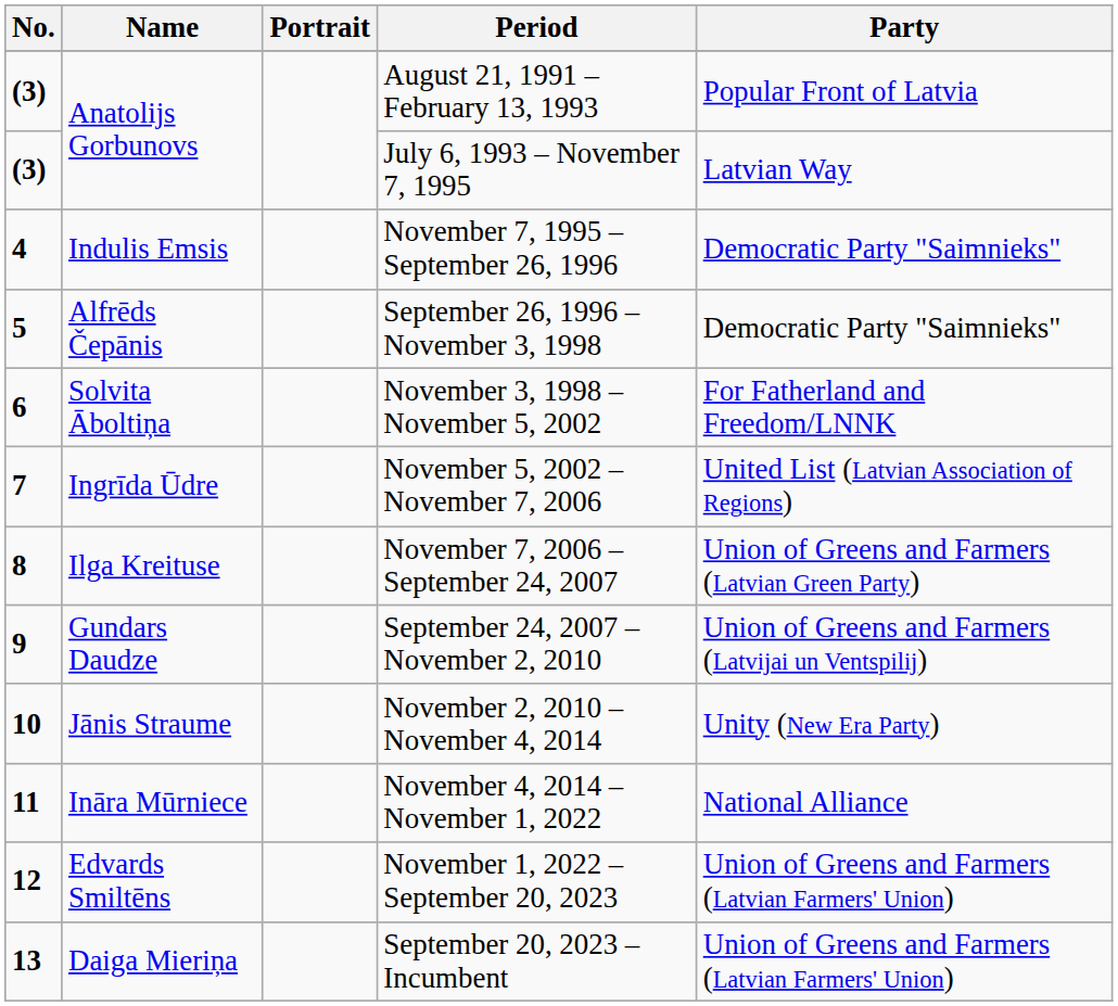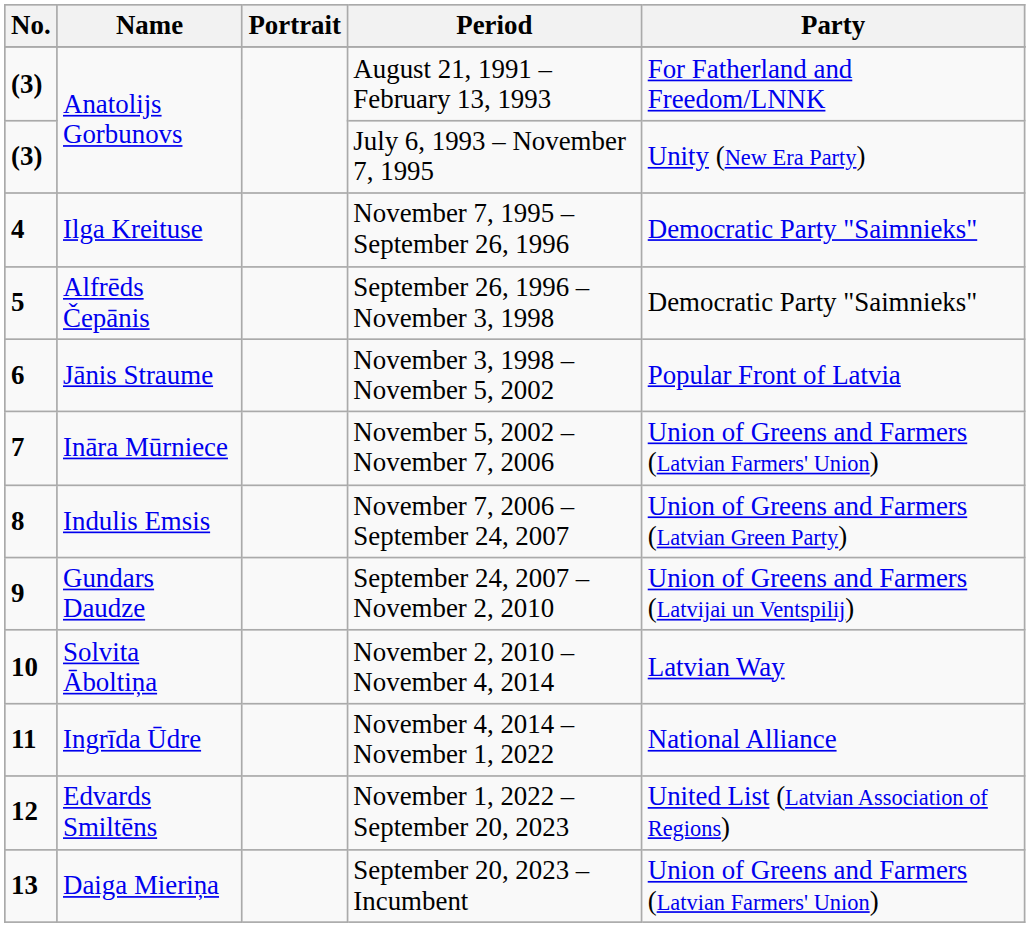 <table class="wikitable">
 <tr>
 <th>No.</th>
 <th>Name</th>
 <th>Portrait</th>
 <th>Period</th>
 <th>Party</th>
 </tr>
 <tr>
 </tr>
 <tr>
 <td style="background:"><strong>(3)</strong></td>
 <td rowspan=2><a href='#'>Anatolijs Gorbunovs</a></td>
 <td rowspan=2></td>
 <td>August 21, 1991 – February 13, 1993</td>
-<td><a href='#'>Popular Front of Latvia</a></td>
+<td><a href='#'>For Fatherland and Freedom/LNNK</a></td>
 </tr>
 <tr>
 <td style="background:"><strong>(3)</strong></td>
 <td>July 6, 1993 – November 7, 1995</td>
-<td><a href='#'>Latvian Way</a></td>
+<td><a href='#'>Unity</a> (<small><a href='#'>New Era Party</a></small>)</td>
 </tr>
 <tr>
 <td style="background:"><strong>4</strong></td>
-<td><a href='#'>Indulis Emsis</a></td>
+<td><a href='#'>Ilga Kreituse</a></td>
 <td></td>
 <td>November 7, 1995 – September 26, 1996</td>
 <td><a href='#'>Democratic Party "Saimnieks"</a></td>
 </tr>
 <tr>
 <td style="background:"><strong>5</strong></td>
 <td><a href='#'>Alfrēds Čepānis</a></td>
 <td></td>
 <td>September 26, 1996 – November 3, 1998</td>
 <td>Democratic Party "Saimnieks"</td>
 </tr>
 <tr>
 <td style="background:"><strong>6</strong></td>
-<td><a href='#'>Solvita Āboltiņa</a></td>
+<td><a href='#'>Jānis Straume</a></td>
 <td></td>
 <td>November 3, 1998 – November 5, 2002</td>
-<td><a href='#'>For Fatherland and Freedom/LNNK</a></td>
+<td><a href='#'>Popular Front of Latvia</a></td>
 </tr>
 <tr>
 <td style="background:"><strong>7</strong></td>
-<td><a href='#'>Ingrīda Ūdre</a></td>
+<td><a href='#'>Ināra Mūrniece</a></td>
 <td></td>
 <td>November 5, 2002 – November 7, 2006</td>
-<td><a href='#'>United List</a> (<small><a href='#'>Latvian Association of Regions</a></small>)</td>
+<td><a href='#'>Union of Greens and Farmers</a> (<small><a href='#'>Latvian Farmers' Union</a></small>)</td>
 </tr>
 <tr>
 <td style="background:"><strong>8</strong></td>
-<td><a href='#'>Ilga Kreituse</a></td>
+<td><a href='#'>Indulis Emsis</a></td>
 <td></td>
 <td>November 7, 2006 – September 24, 2007</td>
 <td><a href='#'>Union of Greens and Farmers</a> (<small><a href='#'>Latvian Green Party</a></small>)</td>
 </tr>
 <tr>
 <td style="background:"><strong>9</strong></td>
 <td><a href='#'>Gundars Daudze</a></td>
 <td></td>
 <td>September 24, 2007 – November 2, 2010</td>
 <td><a href='#'>Union of Greens and Farmers</a> (<small><a href='#'>Latvijai un Ventspilij</a></small>)</td>
 </tr>
 <tr>
 <td style="background:"><strong>10</strong></td>
-<td><a href='#'>Jānis Straume</a></td>
+<td><a href='#'>Solvita Āboltiņa</a></td>
 <td></td>
 <td>November 2, 2010 – November 4, 2014</td>
-<td><a href='#'>Unity</a> (<small><a href='#'>New Era Party</a></small>)</td>
+<td><a href='#'>Latvian Way</a></td>
 </tr>
 <tr>
 <td style="background:"><strong>11</strong></td>
-<td><a href='#'>Ināra Mūrniece</a></td>
+<td><a href='#'>Ingrīda Ūdre</a></td>
 <td></td>
 <td>November 4, 2014 – November 1, 2022</td>
 <td><a href='#'>National Alliance</a></td>
 </tr>
 <tr>
 <td style="background:"><strong>12</strong></td>
 <td><a href='#'>Edvards Smiltēns</a></td>
 <td></td>
 <td>November 1, 2022 – September 20, 2023</td>
-<td><a href='#'>Union of Greens and Farmers</a> (<small><a href='#'>Latvian Farmers' Union</a></small>)</td>
+<td><a href='#'>United List</a> (<small><a href='#'>Latvian Association of Regions</a></small>)</td>
 </tr>
 <tr>
 <td style="background:"><strong>13</strong></td>
 <td><a href='#'>Daiga Mieriņa</a></td>
 <td></td>
 <td>September 20, 2023 – Incumbent</td>
 <td><a href='#'>Union of Greens and Farmers</a> (<small><a href='#'>Latvian Farmers' Union</a></small>)</td>
 </tr>
 </table>
